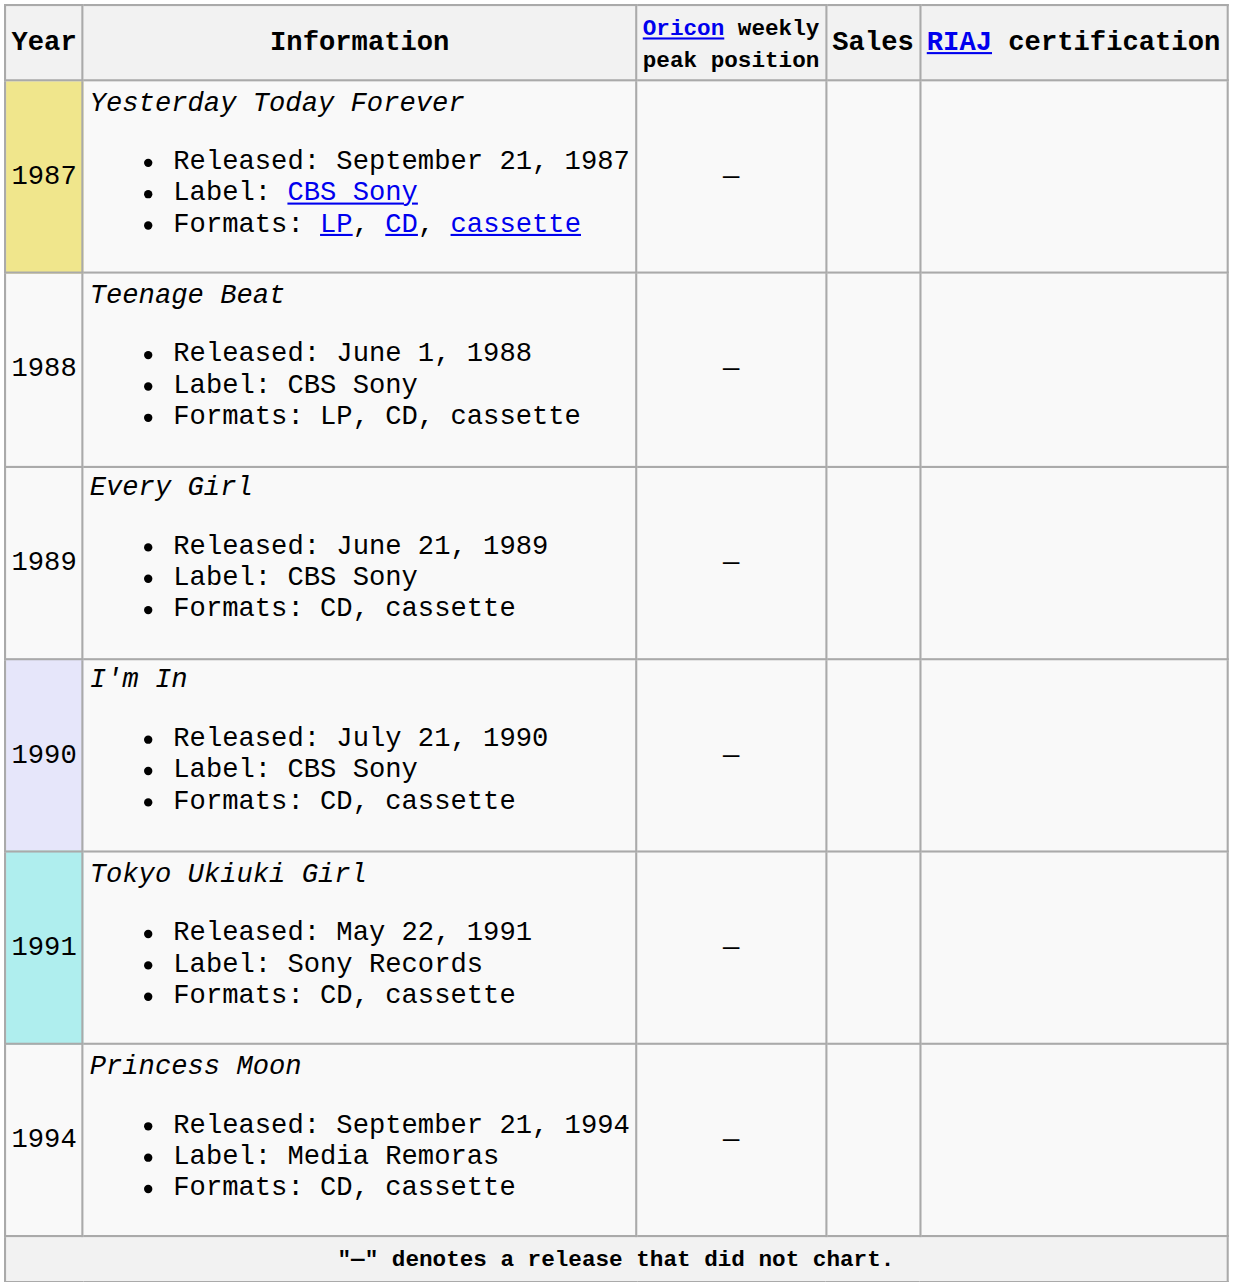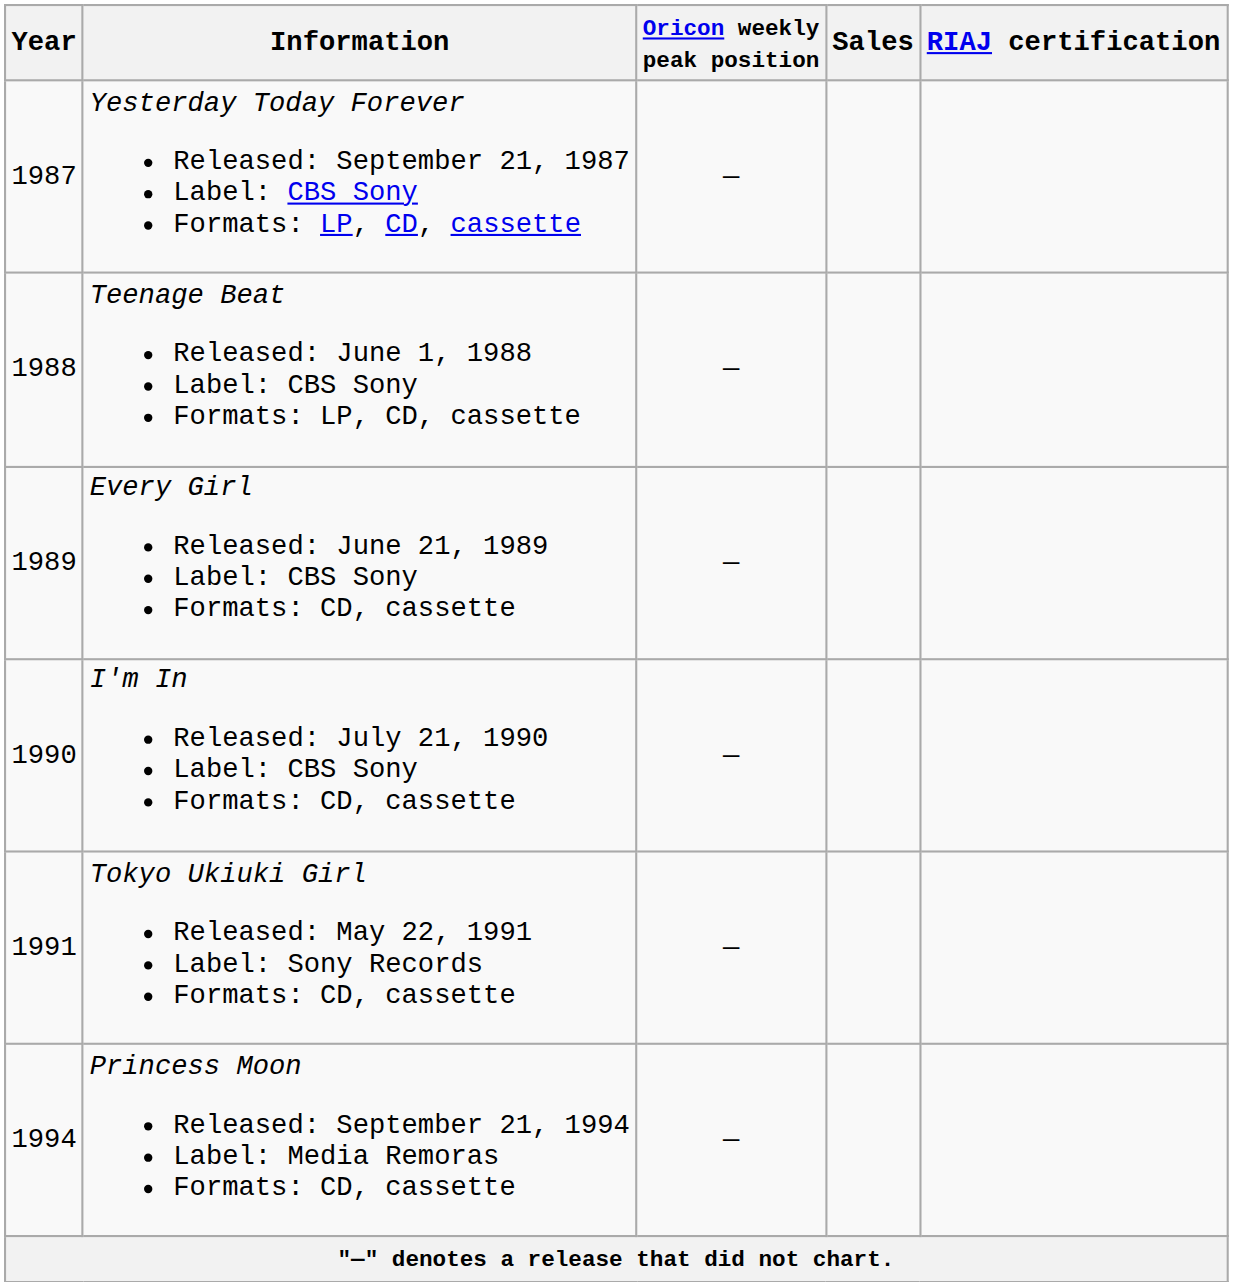 <table class="wikitable">
 <tr>
 <th>Year</th>
 <th>Information</th>
 <th><small><a href='#'>Oricon</a> weekly<br>peak position</small></th>
 <th>Sales<br></th>
 <th><a href='#'>RIAJ</a> certification</th>
 </tr>
 <tr>
-<td style="background: khaki;">1987</td>
+<td>1987</td>
 <td><em>Yesterday Today Forever</em><br><ul><li>Released: September 21, 1987</li><li>Label: <a href='#'>CBS Sony</a></li><li>Formats: <a href='#'>LP</a>, <a href='#'>CD</a>, <a href='#'>cassette</a></li></ul></td>
 <td style="text-align:center;">—</td>
 <td align="left"></td>
 <td align="left"></td>
 </tr>
 <tr>
 <td>1988</td>
 <td><em>Teenage Beat</em><br><ul><li>Released: June 1, 1988</li><li>Label: CBS Sony</li><li>Formats: LP, CD, cassette</li></ul></td>
 <td style="text-align:center;">—</td>
 <td align="left"></td>
 <td align="left"></td>
 </tr>
 <tr>
 <td>1989</td>
 <td><em>Every Girl</em><br><ul><li>Released: June 21, 1989</li><li>Label: CBS Sony</li><li>Formats: CD, cassette</li></ul></td>
 <td style="text-align:center;">—</td>
 <td align="left"></td>
 <td align="left"></td>
 </tr>
 <tr>
-<td style="background: lavender;">1990</td>
+<td>1990</td>
 <td><em>I'm In</em><br><ul><li>Released: July 21, 1990</li><li>Label: CBS Sony</li><li>Formats: CD, cassette</li></ul></td>
 <td style="text-align:center;">—</td>
 <td align="left"></td>
 <td align="left"></td>
 </tr>
 <tr>
-<td style="background: paleturquoise;">1991</td>
+<td>1991</td>
 <td><em>Tokyo Ukiuki Girl</em><br><ul><li>Released: May 22, 1991</li><li>Label: Sony Records</li><li>Formats: CD, cassette</li></ul></td>
 <td style="text-align:center;">—</td>
 <td align="left"></td>
 <td align="left"></td>
 </tr>
 <tr>
 <td>1994</td>
 <td><em>Princess Moon</em><br><ul><li>Released: September 21, 1994</li><li>Label: Media Remoras</li><li>Formats: CD, cassette</li></ul></td>
 <td style="text-align:center;">—</td>
 <td align="left"></td>
 <td align="left"></td>
 </tr>
 <tr>
 <th colspan="5"><small>"—" denotes a release that did not chart.</small></th>
 </tr>
 </table>
